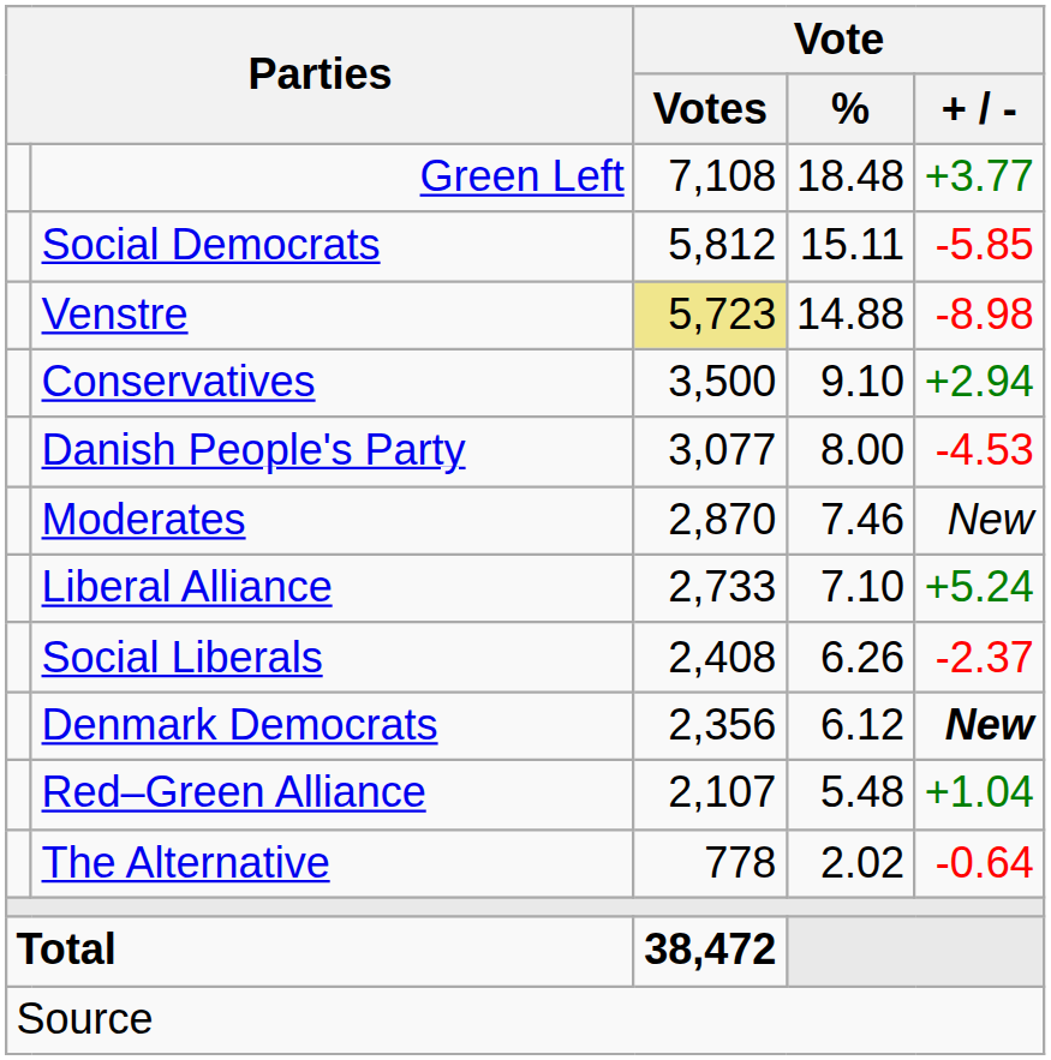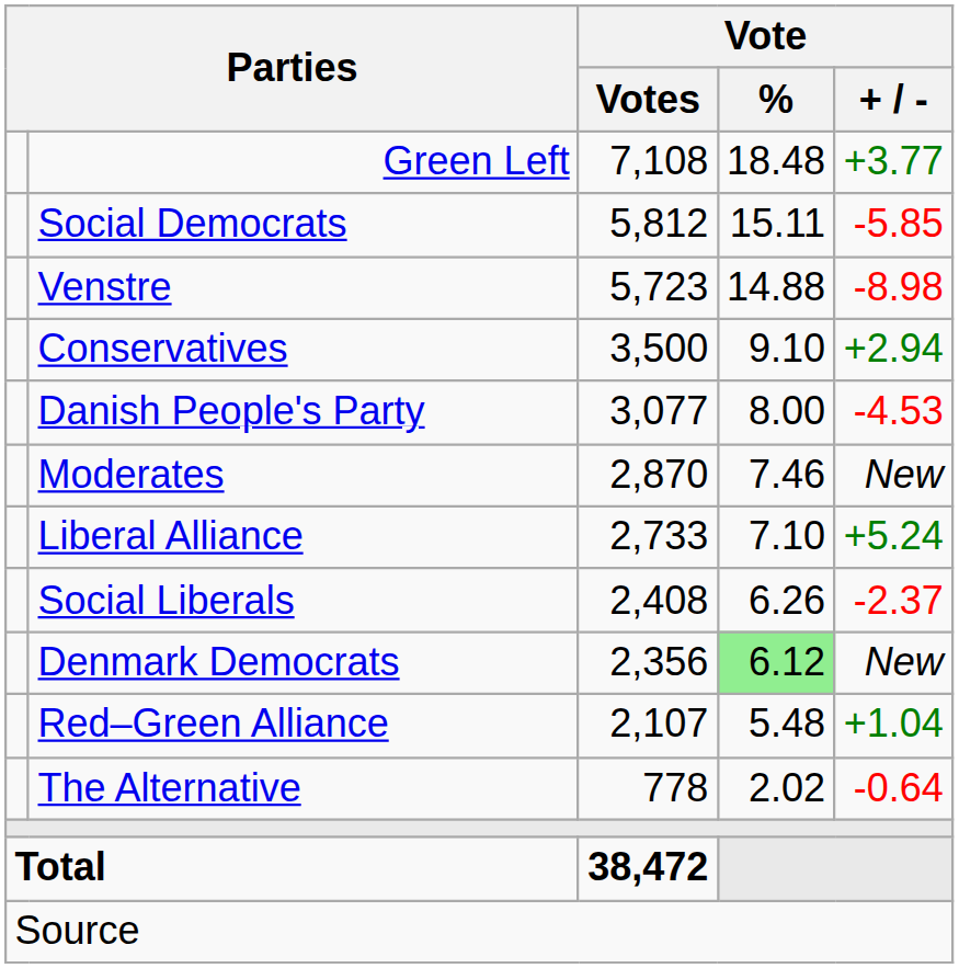 <table class="wikitable" style="text-align:right;">
 <tr>
 <th style="text-align:centre;" rowspan="2" colspan="2" width="225">Parties</th>
 <th colspan="3">Vote</th>
 </tr>
 <tr>
 <th width="15">Votes</th>
 <th width="15">%</th>
 <th width="15">+ / -</th>
 </tr>
 <tr>
 <td width=2 bgcolor=></td>
 <td><a href='#'>Green Left</a></td>
 <td>7,108</td>
 <td>18.48</td>
 <td style=color:green;>+3.77</td>
 </tr>
 <tr>
 <td width=2 bgcolor=></td>
 <td align=left><a href='#'>Social Democrats</a></td>
 <td>5,812</td>
 <td>15.11</td>
 <td style=color:red;>-5.85</td>
 </tr>
 <tr>
 <td width=2 bgcolor=></td>
 <td align=left><a href='#'>Venstre</a></td>
-<td style="background: khaki;">5,723</td>
+<td>5,723</td>
 <td>14.88</td>
 <td style=color:red;>-8.98</td>
 </tr>
 <tr>
 <td width=2 bgcolor=></td>
 <td align=left><a href='#'>Conservatives</a></td>
 <td>3,500</td>
 <td>9.10</td>
 <td style=color:green;>+2.94</td>
 </tr>
 <tr>
 <td width=2 bgcolor=></td>
 <td align=left><a href='#'>Danish People's Party</a></td>
 <td>3,077</td>
 <td>8.00</td>
 <td style=color:red;>-4.53</td>
 </tr>
 <tr>
 <td width=2 bgcolor=></td>
 <td align=left><a href='#'>Moderates</a></td>
 <td>2,870</td>
 <td>7.46</td>
 <td><em>New</em></td>
 </tr>
 <tr>
 <td width=2 bgcolor=></td>
 <td align=left><a href='#'>Liberal Alliance</a></td>
 <td>2,733</td>
 <td>7.10</td>
 <td style=color:green;>+5.24</td>
 </tr>
 <tr>
 <td width=2 bgcolor=></td>
 <td align=left><a href='#'>Social Liberals</a></td>
 <td>2,408</td>
 <td>6.26</td>
 <td style=color:red;>-2.37</td>
 </tr>
 <tr>
 <td width=2 bgcolor=></td>
 <td align=left><a href='#'>Denmark Democrats</a></td>
 <td>2,356</td>
-<td>6.12</td>
-<td><strong><em>New</em></strong></td>
+<td style="background: lightgreen;">6.12</td>
+<td><em>New</em></td>
 </tr>
 <tr>
 <td width=2 bgcolor=></td>
 <td align=left><a href='#'>Red–Green Alliance</a></td>
 <td>2,107</td>
 <td>5.48</td>
 <td style=color:green;>+1.04</td>
 </tr>
 <tr>
 <td width=2 bgcolor=></td>
 <td align=left><a href='#'>The Alternative</a></td>
 <td>778</td>
 <td>2.02</td>
 <td style=color:red;>-0.64</td>
 </tr>
 <tr>
 <td colspan="7" bgcolor="#E9E9E9"></td>
 </tr>
 <tr>
 <td align="left" colspan="2"><strong>Total</strong></td>
 <td><strong>38,472</strong></td>
 <td bgcolor=#E9E9E9 colspan=2></td>
 </tr>
 <tr>
 <td align="left" colspan="6">Source</td>
 </tr>
 </table>
